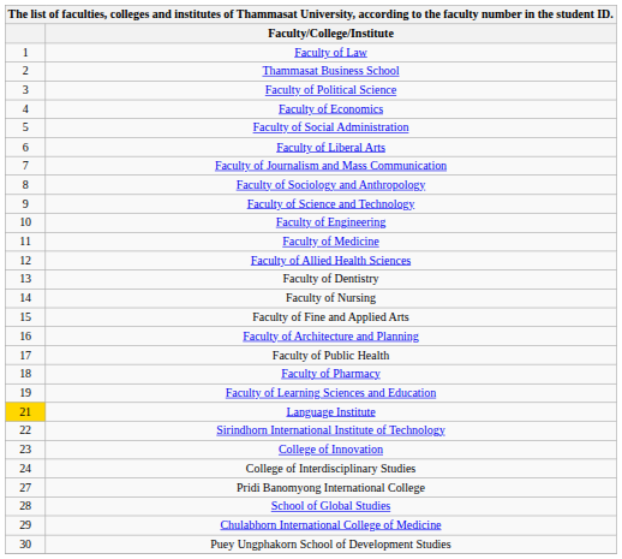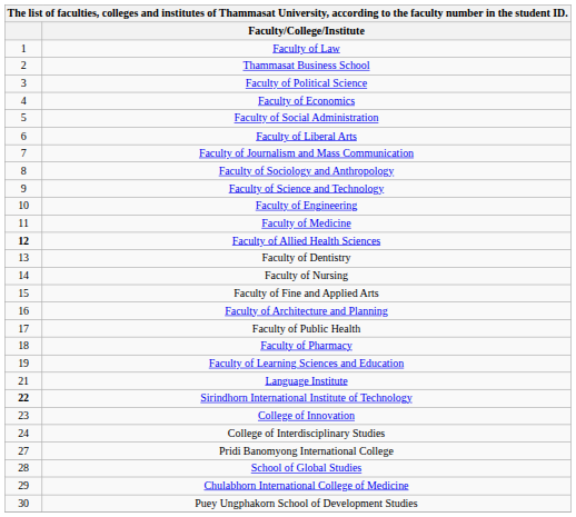 <table class="wikitable plainrowheaders collapsible collapsed" style="text-align:center">
 <tr>
 <th colspan="2">The list of faculties, colleges and institutes of Thammasat University, according to the faculty number in the student ID.</th>
 </tr>
 <tr>
 <th></th>
 <th>Faculty/College/Institute</th>
 </tr>
 <tr>
 <td>1</td>
 <td><a href='#'>Faculty of Law</a></td>
 </tr>
 <tr>
 <td>2</td>
 <td><a href='#'>Thammasat Business School</a></td>
 </tr>
 <tr>
 <td>3</td>
 <td><a href='#'>Faculty of Political Science</a></td>
 </tr>
 <tr>
 <td>4</td>
 <td><a href='#'>Faculty of Economics</a></td>
 </tr>
 <tr>
 <td>5</td>
 <td><a href='#'>Faculty of Social Administration</a></td>
 </tr>
 <tr>
 <td>6</td>
 <td><a href='#'>Faculty of Liberal Arts</a></td>
 </tr>
 <tr>
 <td>7</td>
 <td><a href='#'>Faculty of Journalism and Mass Communication</a></td>
 </tr>
 <tr>
 <td>8</td>
 <td><a href='#'>Faculty of Sociology and Anthropology</a></td>
 </tr>
 <tr>
 <td>9</td>
 <td><a href='#'>Faculty of Science and Technology</a></td>
 </tr>
 <tr>
 <td>10</td>
 <td><a href='#'>Faculty of Engineering</a></td>
 </tr>
 <tr>
 <td>11</td>
 <td><a href='#'>Faculty of Medicine</a></td>
 </tr>
 <tr>
-<td>12</td>
+<td><strong>12</strong></td>
 <td><a href='#'>Faculty of Allied Health Sciences</a></td>
 </tr>
 <tr>
 <td>13</td>
 <td>Faculty of Dentistry</td>
 </tr>
 <tr>
 <td>14</td>
 <td>Faculty of Nursing</td>
 </tr>
 <tr>
 <td>15</td>
 <td>Faculty of Fine and Applied Arts</td>
 </tr>
 <tr>
 <td>16</td>
 <td><a href='#'>Faculty of Architecture and Planning</a></td>
 </tr>
 <tr>
 <td>17</td>
 <td>Faculty of Public Health</td>
 </tr>
 <tr>
 <td>18</td>
 <td><a href='#'>Faculty of Pharmacy</a></td>
 </tr>
 <tr>
 <td>19</td>
 <td><a href='#'>Faculty of Learning Sciences and Education</a></td>
 </tr>
 <tr>
-<td style="background: gold;">21</td>
+<td>21</td>
 <td><a href='#'>Language Institute</a></td>
 </tr>
 <tr>
-<td>22</td>
+<td><strong>22</strong></td>
 <td><a href='#'>Sirindhorn International Institute of Technology</a></td>
 </tr>
 <tr>
 <td>23</td>
 <td><a href='#'>College of Innovation</a></td>
 </tr>
 <tr>
 <td>24</td>
 <td>College of Interdisciplinary Studies</td>
 </tr>
 <tr>
 <td>27</td>
 <td>Pridi Banomyong International College</td>
 </tr>
 <tr>
 <td>28</td>
 <td><a href='#'>School of Global Studies</a></td>
 </tr>
 <tr>
 <td>29</td>
 <td><a href='#'>Chulabhorn International College of Medicine</a></td>
 </tr>
 <tr>
 <td>30</td>
 <td>Puey Ungphakorn School of Development Studies</td>
 </tr>
 <tr>
 </tr>
 </table>
